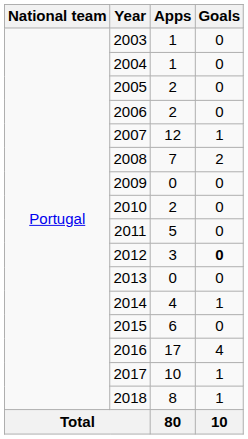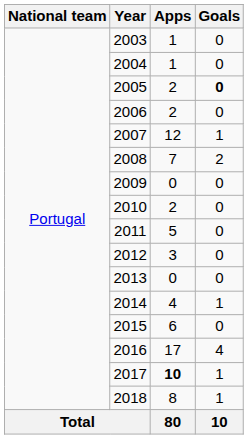 <table class=wikitable style=text-align:center>
 <tr>
 <th>National team</th>
 <th>Year</th>
 <th>Apps</th>
 <th>Goals</th>
 </tr>
 <tr>
 <td rowspan="16"><a href='#'>Portugal</a></td>
 <td>2003</td>
 <td>1</td>
 <td>0</td>
 </tr>
 <tr>
 <td>2004</td>
 <td>1</td>
 <td>0</td>
 </tr>
 <tr>
 <td>2005</td>
 <td>2</td>
-<td>0</td>
+<td><strong>0</strong></td>
 </tr>
 <tr>
 <td>2006</td>
 <td>2</td>
 <td>0</td>
 </tr>
 <tr>
 <td>2007</td>
 <td>12</td>
 <td>1</td>
 </tr>
 <tr>
 <td>2008</td>
 <td>7</td>
 <td>2</td>
 </tr>
 <tr>
 <td>2009</td>
 <td>0</td>
 <td>0</td>
 </tr>
 <tr>
 <td>2010</td>
 <td>2</td>
 <td>0</td>
 </tr>
 <tr>
 <td>2011</td>
 <td>5</td>
 <td>0</td>
 </tr>
 <tr>
 <td>2012</td>
 <td>3</td>
-<td><strong>0</strong></td>
+<td>0</td>
 </tr>
 <tr>
 <td>2013</td>
 <td>0</td>
 <td>0</td>
 </tr>
 <tr>
 <td>2014</td>
 <td>4</td>
 <td>1</td>
 </tr>
 <tr>
 <td>2015</td>
 <td>6</td>
 <td>0</td>
 </tr>
 <tr>
 <td>2016</td>
 <td>17</td>
 <td>4</td>
 </tr>
 <tr>
 <td>2017</td>
-<td>10</td>
+<td><strong>10</strong></td>
 <td>1</td>
 </tr>
 <tr>
 <td>2018</td>
 <td>8</td>
 <td>1</td>
 </tr>
 <tr>
 <th colspan="2">Total</th>
 <th>80</th>
 <th>10</th>
 </tr>
 </table>
